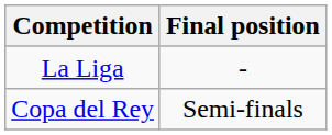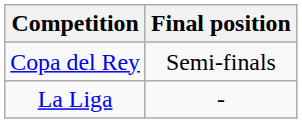 <table class="wikitable" style="font-size:100%; text-align:center">
 <tr>
 <th>Competition</th>
 <th>Final position</th>
 </tr>
 <tr style="background:">
+<td><a href='#'>Copa del Rey</a></td>
+<td>Semi-finals</td>
+</tr>
+<tr style="background:">
 <td><a href='#'>La Liga</a></td>
 <td>-</td>
 </tr>
-<tr style="background:">
-<td><a href='#'>Copa del Rey</a></td>
-<td>Semi-finals</td>
-</tr>
 </table>
